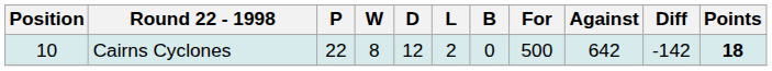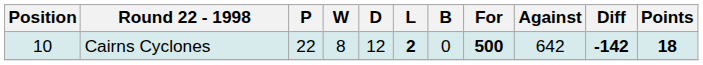 <table class="wikitable" style="text-align:center;">
 <tr style="background: #ffffff;">
 <th width=40 abbr="Position">Position</th>
 <th width=185>Round 22 - 1998</th>
 <th width=25 abbr="Played">P</th>
 <th width=25 abbr="Won">W</th>
 <th width=25 abbr="Drawn">D</th>
 <th width=25 abbr="Lost">L</th>
 <th width=25 abbr="Bye">B</th>
 <th width=40 abbr="Points for">For</th>
 <th width=40 abbr="Points against">Against</th>
 <th width=40 abbr="Points difference">Diff</th>
 <th width=40 abbr="Points">Points</th>
 </tr>
 <tr style="background: #d7ebed;">
 <td>10</td>
 <td style="text-align:left;"> Cairns Cyclones</td>
 <td>22</td>
 <td>8</td>
 <td>12</td>
-<td>2</td>
+<td><strong>2</strong></td>
 <td>0</td>
-<td>500</td>
+<td><strong>500</strong></td>
 <td>642</td>
-<td>-142</td>
+<td><strong>-142</strong></td>
 <td><strong>18</strong></td>
 </tr>
 <tr>
 </tr>
 </table>
